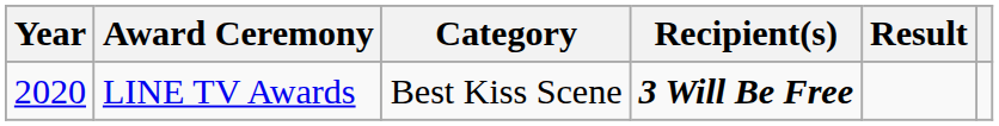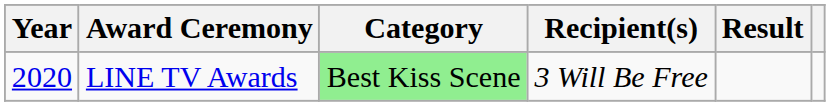 <table class="wikitable">
 <tr>
 <th>Year</th>
 <th>Award Ceremony</th>
 <th>Category</th>
 <th>Recipient(s)</th>
 <th>Result</th>
 <th></th>
 </tr>
 <tr>
 <td rowspan="10"><a href='#'>2020</a></td>
 <td><a href='#'>LINE TV Awards</a></td>
-<td>Best Kiss Scene</td>
-<td><strong><em>3 Will Be Free</em></strong></td>
+<td style="background: lightgreen;">Best Kiss Scene</td>
+<td><em>3 Will Be Free</em></td>
 <td></td>
 <td style="text-align: center;"></td>
 </tr>
 </table>
